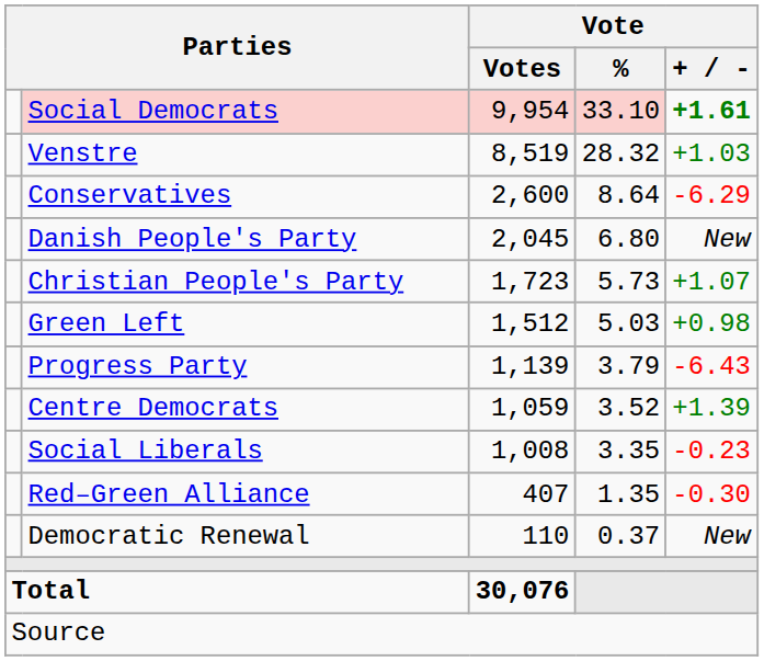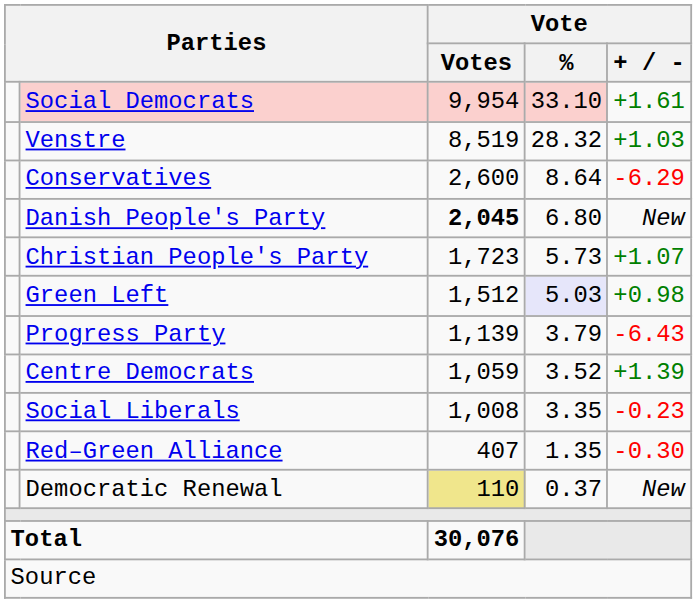 <table class="wikitable" style="text-align:right;">
 <tr>
 <th style="text-align:centre;" rowspan="2" colspan="2" width="225">Parties</th>
 <th colspan="3">Vote</th>
 </tr>
 <tr>
 <th width="15">Votes</th>
 <th width="15">%</th>
 <th width="15">+ / -</th>
 </tr>
 <tr>
 <td width="2" style="color:inherit;background:"></td>
 <td bgcolor=#fbd0ce  align="left"><a href='#'>Social Democrats</a></td>
 <td bgcolor=#fbd0ce>9,954</td>
 <td bgcolor=#fbd0ce>33.10</td>
-<td style=color:green;><strong>+1.61</strong></td>
+<td style=color:green;>+1.61</td>
 </tr>
 <tr>
 <td width="2" style="color:inherit;background:"></td>
 <td align="left"><a href='#'>Venstre</a></td>
 <td>8,519</td>
 <td>28.32</td>
 <td style=color:green;>+1.03</td>
 </tr>
 <tr>
 <td width="2" style="color:inherit;background:"></td>
 <td align="left"><a href='#'>Conservatives</a></td>
 <td>2,600</td>
 <td>8.64</td>
 <td style=color:red;>-6.29</td>
 </tr>
 <tr>
 <td width="2" style="color:inherit;background:"></td>
 <td align="left"><a href='#'>Danish People's Party</a></td>
-<td>2,045</td>
+<td><strong>2,045</strong></td>
 <td>6.80</td>
 <td><em>New</em></td>
 </tr>
 <tr>
 <td width="2" style="color:inherit;background:"></td>
 <td align="left"><a href='#'>Christian People's Party</a></td>
 <td>1,723</td>
 <td>5.73</td>
 <td style=color:green;>+1.07</td>
 </tr>
 <tr>
 <td width="2" style="color:inherit;background:"></td>
 <td align="left"><a href='#'>Green Left</a></td>
 <td>1,512</td>
-<td>5.03</td>
+<td style="background: lavender;">5.03</td>
 <td style=color:green;>+0.98</td>
 </tr>
 <tr>
 <td width="2" style="color:inherit;background:"></td>
 <td align="left"><a href='#'>Progress Party</a></td>
 <td>1,139</td>
 <td>3.79</td>
 <td style=color:red;>-6.43</td>
 </tr>
 <tr>
 <td width="2" style="color:inherit;background:"></td>
 <td align="left"><a href='#'>Centre Democrats</a></td>
 <td>1,059</td>
 <td>3.52</td>
 <td style=color:green;>+1.39</td>
 </tr>
 <tr>
 <td width="2" style="color:inherit;background:"></td>
 <td align="left"><a href='#'>Social Liberals</a></td>
 <td>1,008</td>
 <td>3.35</td>
 <td style=color:red;>-0.23</td>
 </tr>
 <tr>
 <td width="2" style="color:inherit;background:"></td>
 <td align="left"><a href='#'>Red–Green Alliance</a></td>
 <td>407</td>
 <td>1.35</td>
 <td style=color:red;>-0.30</td>
 </tr>
 <tr>
 <td width="2" style="color:inherit;background:"></td>
 <td align="left">Democratic Renewal</td>
-<td>110</td>
+<td style="background: khaki;">110</td>
 <td>0.37</td>
 <td><em>New</em></td>
 </tr>
 <tr>
 <td colspan="7" bgcolor="#E9E9E9"></td>
 </tr>
 <tr>
 <td align="left" colspan="2"><strong>Total</strong></td>
 <td><strong>30,076</strong></td>
 <td bgcolor="#E9E9E9" colspan="2"></td>
 </tr>
 <tr>
 <td align="left" colspan="6">Source</td>
 </tr>
 </table>
